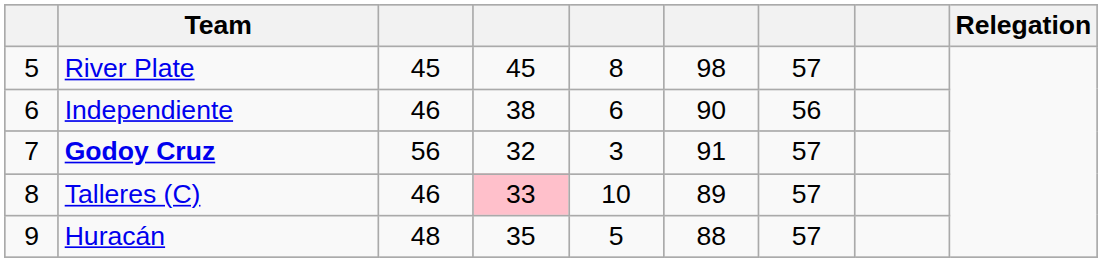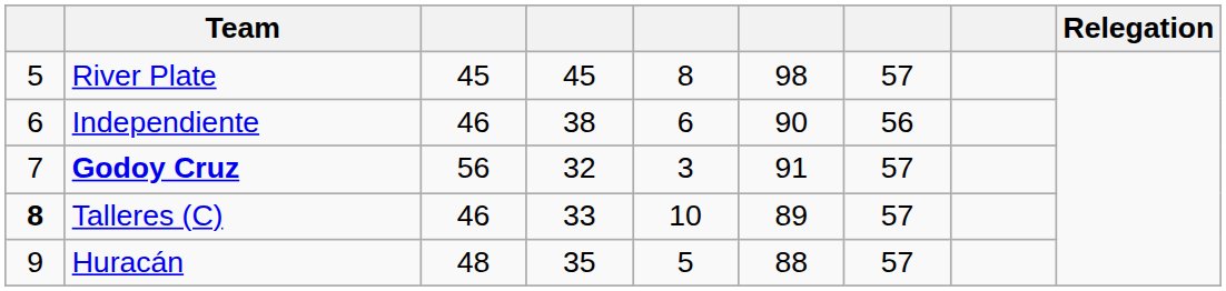 <table class="wikitable sortable" style="text-align: center;">
 <tr>
 <th width=25></th>
 <th width=185>Team</th>
 <th width=50></th>
 <th width=50></th>
 <th width=50></th>
 <th width=50></th>
 <th width=50></th>
 <th width=50></th>
 <th>Relegation</th>
 </tr>
 <tr>
 <td>5</td>
 <td align="left"><a href='#'>River Plate</a></td>
 <td>45</td>
 <td>45</td>
 <td>8</td>
 <td>98</td>
 <td>57</td>
 <td><strong></strong></td>
 </tr>
 <tr>
 <td>6</td>
 <td align="left"><a href='#'>Independiente</a></td>
 <td>46</td>
 <td>38</td>
 <td>6</td>
 <td>90</td>
 <td>56</td>
 <td><strong></strong></td>
 </tr>
 <tr>
 <td>7</td>
 <td align="left"><strong><a href='#'>Godoy Cruz</a></strong></td>
 <td>56</td>
 <td>32</td>
 <td>3</td>
 <td>91</td>
 <td>57</td>
 <td><strong></strong></td>
 </tr>
 <tr>
-<td>8</td>
+<td><strong>8</strong></td>
 <td align="left"><a href='#'>Talleres (C)</a></td>
 <td>46</td>
-<td style="background: pink;">33</td>
+<td>33</td>
 <td>10</td>
 <td>89</td>
 <td>57</td>
 <td><strong></strong></td>
 </tr>
 <tr>
 <td>9</td>
 <td align="left"><a href='#'>Huracán</a></td>
 <td>48</td>
 <td>35</td>
 <td>5</td>
 <td>88</td>
 <td>57</td>
 <td><strong></strong></td>
 </tr>
 </table>
